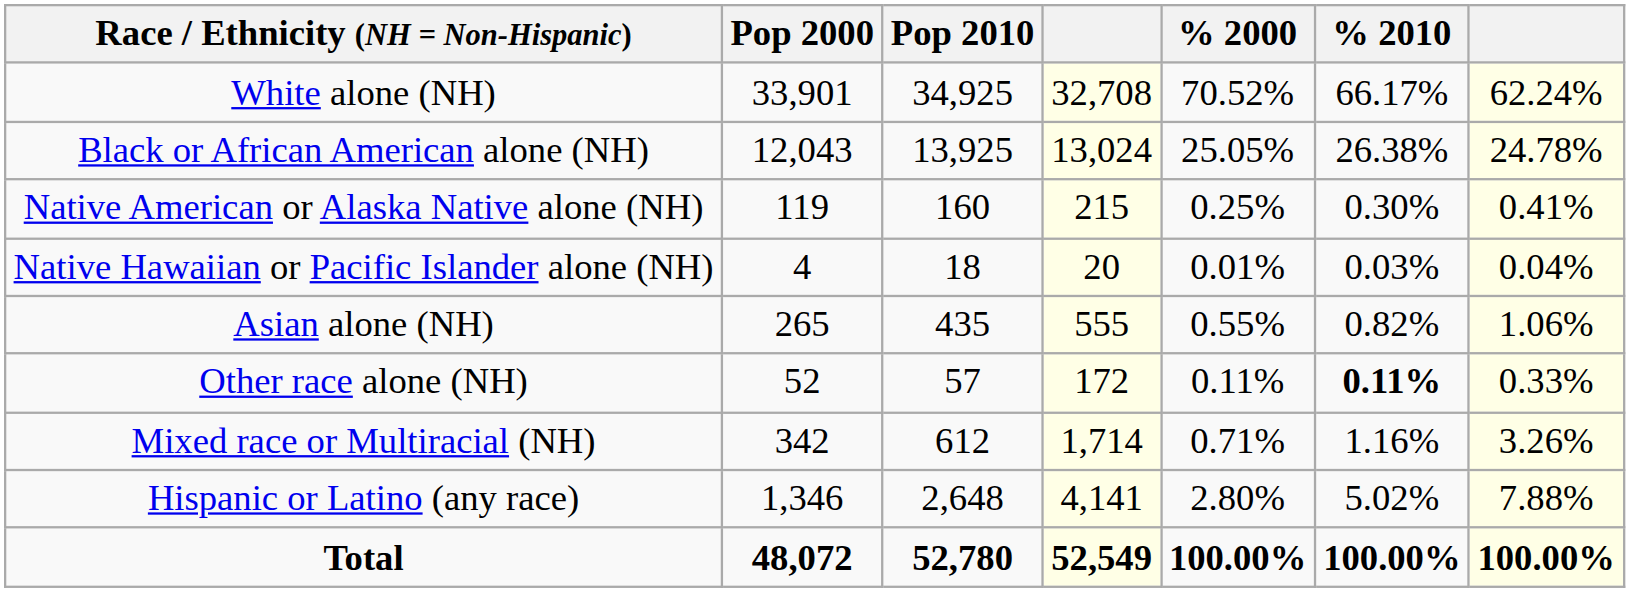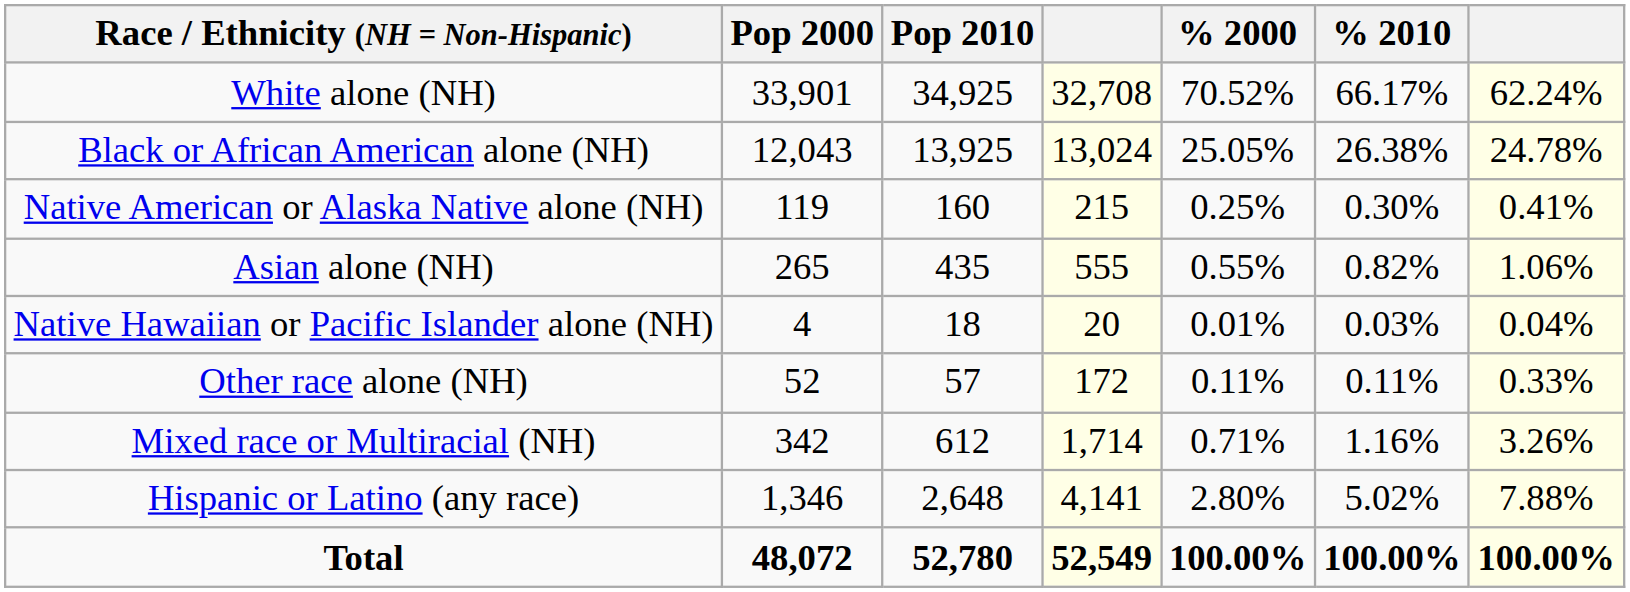 <table class="wikitable" style="text-align:center;">
 <tr>
 <th>Race / Ethnicity <small>(<em>NH = Non-Hispanic</em>)</small></th>
 <th>Pop 2000</th>
 <th>Pop 2010</th>
 <th></th>
 <th>% 2000</th>
 <th>% 2010</th>
 <th></th>
 </tr>
 <tr>
 <td><a href='#'>White</a> alone (NH)</td>
 <td>33,901</td>
 <td>34,925</td>
 <td style='background: #ffffe6;'>32,708</td>
 <td>70.52%</td>
 <td>66.17%</td>
 <td style='background: #ffffe6;'>62.24%</td>
 </tr>
 <tr>
 <td><a href='#'>Black or African American</a> alone (NH)</td>
 <td>12,043</td>
 <td>13,925</td>
 <td style='background: #ffffe6;'>13,024</td>
 <td>25.05%</td>
 <td>26.38%</td>
 <td style='background: #ffffe6;'>24.78%</td>
 </tr>
 <tr>
 <td><a href='#'>Native American</a> or <a href='#'>Alaska Native</a> alone (NH)</td>
 <td>119</td>
 <td>160</td>
 <td style='background: #ffffe6;'>215</td>
 <td>0.25%</td>
 <td>0.30%</td>
 <td style='background: #ffffe6;'>0.41%</td>
 </tr>
 <tr>
+<td><a href='#'>Asian</a> alone (NH)</td>
+<td>265</td>
+<td>435</td>
+<td style='background: #ffffe6;'>555</td>
+<td>0.55%</td>
+<td>0.82%</td>
+<td style='background: #ffffe6;'>1.06%</td>
+</tr>
+<tr>
 <td><a href='#'>Native Hawaiian</a> or <a href='#'>Pacific Islander</a> alone (NH)</td>
 <td>4</td>
 <td>18</td>
 <td style='background: #ffffe6;'>20</td>
 <td>0.01%</td>
 <td>0.03%</td>
 <td style='background: #ffffe6;'>0.04%</td>
 </tr>
 <tr>
-<td><a href='#'>Asian</a> alone (NH)</td>
-<td>265</td>
-<td>435</td>
-<td style='background: #ffffe6;'>555</td>
-<td>0.55%</td>
-<td>0.82%</td>
-<td style='background: #ffffe6;'>1.06%</td>
-</tr>
-<tr>
 <td><a href='#'>Other race</a> alone (NH)</td>
 <td>52</td>
 <td>57</td>
 <td style='background: #ffffe6;'>172</td>
 <td>0.11%</td>
-<td><strong>0.11%</strong></td>
+<td>0.11%</td>
 <td style='background: #ffffe6;'>0.33%</td>
 </tr>
 <tr>
 <td><a href='#'>Mixed race or Multiracial</a> (NH)</td>
 <td>342</td>
 <td>612</td>
 <td style='background: #ffffe6;'>1,714</td>
 <td>0.71%</td>
 <td>1.16%</td>
 <td style='background: #ffffe6;'>3.26%</td>
 </tr>
 <tr>
 <td><a href='#'>Hispanic or Latino</a> (any race)</td>
 <td>1,346</td>
 <td>2,648</td>
 <td style='background: #ffffe6;'>4,141</td>
 <td>2.80%</td>
 <td>5.02%</td>
 <td style='background: #ffffe6;'>7.88%</td>
 </tr>
 <tr>
 <td><strong>Total</strong></td>
 <td><strong>48,072</strong></td>
 <td><strong>52,780</strong></td>
 <td style='background: #ffffe6;'><strong>52,549</strong></td>
 <td><strong>100.00%</strong></td>
 <td><strong>100.00%</strong></td>
 <td style='background: #ffffe6;'><strong>100.00%</strong></td>
 </tr>
 </table>
